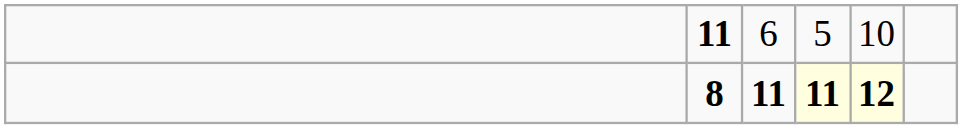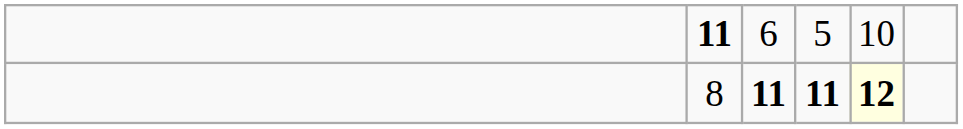 <table class="wikitable">
 <tr>
 <td style="width:18em"></td>
 <td align=center style="width:1em"><strong>11</strong></td>
 <td align=center style="width:1em">6</td>
 <td align=center style="width:1em">5</td>
 <td align=center style="width:1em">10</td>
 <td align=center style="width:1em"></td>
 </tr>
 <tr>
 <td style="width:18em"></td>
-<td align=center style="width:1em"><strong>8</strong></td>
+<td align=center style="width:1em">8</td>
 <td align=center style="width:1em"><strong>11</strong></td>
-<td align=center style="background: lightyellow; width:1em"><strong>11</strong></td>
+<td align=center style="width:1em"><strong>11</strong></td>
 <td align=center style="background: lightyellow; width:1em"><strong>12</strong></td>
 <td align=center style="width:1em"></td>
 </tr>
 </table>
